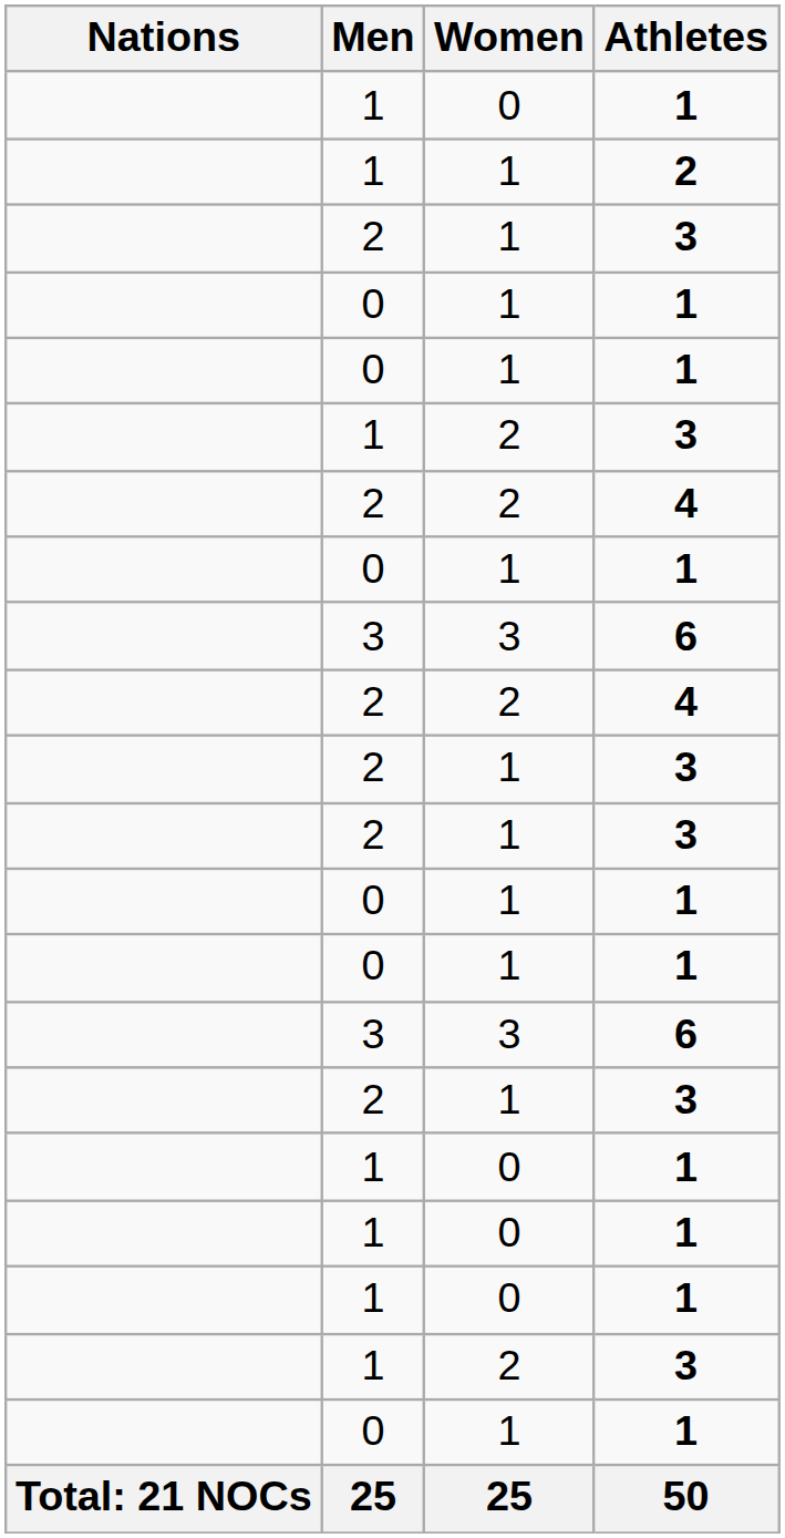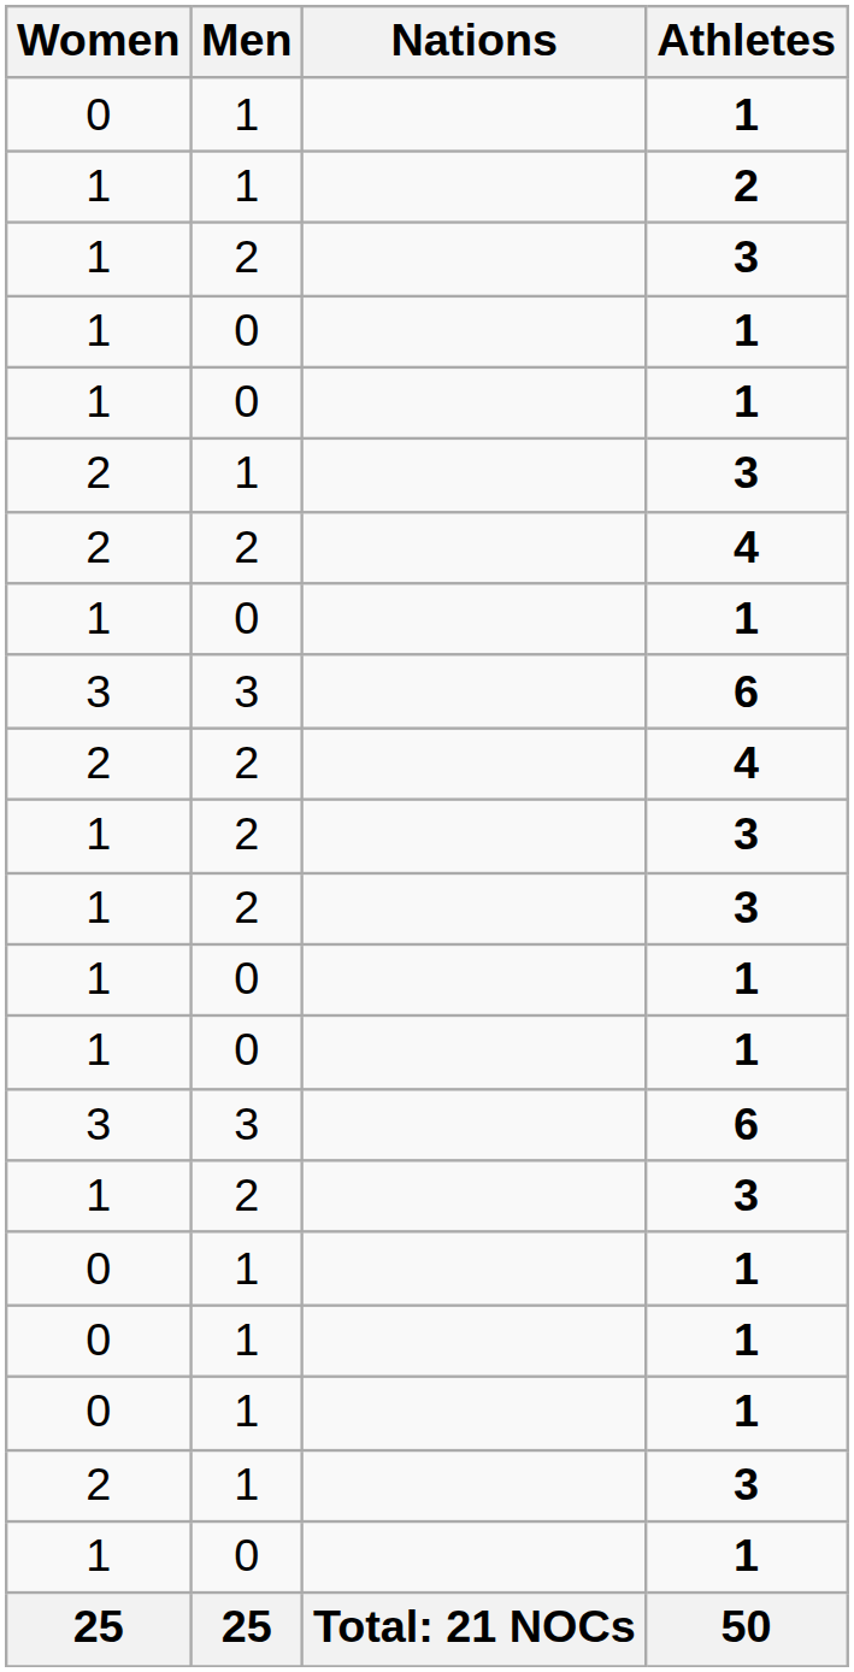 <table class="wikitable sortable" style="text-align:center;">
 <tr>
+<th>Women</th>
+<th>Men</th>
 <th>Nations</th>
-<th>Men</th>
-<th>Women</th>
 <th>Athletes</th>
 </tr>
 <tr>
+<td>0</td>
+<td>1</td>
 <td align="left"></td>
-<td>1</td>
-<td>0</td>
 <td><strong>1</strong></td>
 </tr>
 <tr>
-<td align="left"></td>
 <td>1</td>
 <td>1</td>
+<td align="left"></td>
 <td><strong>2</strong></td>
 </tr>
 <tr>
+<td>1</td>
+<td>2</td>
 <td align="left"></td>
-<td>2</td>
-<td>1</td>
 <td><strong>3</strong></td>
 </tr>
 <tr>
+<td>1</td>
+<td>0</td>
 <td align="left"></td>
-<td>0</td>
-<td>1</td>
 <td><strong>1</strong></td>
 </tr>
 <tr>
+<td>1</td>
+<td>0</td>
 <td align="left"></td>
-<td>0</td>
-<td>1</td>
 <td><strong>1</strong></td>
 </tr>
 <tr>
+<td>2</td>
+<td>1</td>
 <td align="left"></td>
-<td>1</td>
-<td>2</td>
 <td><strong>3</strong></td>
 </tr>
 <tr>
-<td align="left"></td>
 <td>2</td>
 <td>2</td>
+<td align="left"></td>
 <td><strong>4</strong></td>
 </tr>
 <tr>
+<td>1</td>
+<td>0</td>
 <td align="left"></td>
-<td>0</td>
-<td>1</td>
 <td><strong>1</strong></td>
 </tr>
 <tr>
-<td align="left"></td>
 <td>3</td>
 <td>3</td>
+<td align="left"></td>
 <td><strong>6</strong></td>
 </tr>
 <tr>
-<td align="left"></td>
 <td>2</td>
 <td>2</td>
+<td align="left"></td>
 <td><strong>4</strong></td>
 </tr>
 <tr>
+<td>1</td>
+<td>2</td>
 <td align="left"></td>
-<td>2</td>
-<td>1</td>
 <td><strong>3</strong></td>
 </tr>
 <tr>
+<td>1</td>
+<td>2</td>
 <td align="left"></td>
-<td>2</td>
-<td>1</td>
 <td><strong>3</strong></td>
 </tr>
 <tr>
+<td>1</td>
+<td>0</td>
 <td align="left"></td>
-<td>0</td>
-<td>1</td>
 <td><strong>1</strong></td>
 </tr>
 <tr>
+<td>1</td>
+<td>0</td>
 <td align="left"></td>
-<td>0</td>
-<td>1</td>
 <td><strong>1</strong></td>
 </tr>
 <tr>
-<td align="left"></td>
 <td>3</td>
 <td>3</td>
+<td align="left"></td>
 <td><strong>6</strong></td>
 </tr>
 <tr>
+<td>1</td>
+<td>2</td>
 <td align="left"></td>
-<td>2</td>
-<td>1</td>
 <td><strong>3</strong></td>
 </tr>
 <tr>
+<td>0</td>
+<td>1</td>
 <td align="left"></td>
-<td>1</td>
-<td>0</td>
 <td><strong>1</strong></td>
 </tr>
 <tr>
+<td>0</td>
+<td>1</td>
 <td align="left"></td>
-<td>1</td>
-<td>0</td>
 <td><strong>1</strong></td>
 </tr>
 <tr>
+<td>0</td>
+<td>1</td>
 <td align="left"></td>
-<td>1</td>
-<td>0</td>
 <td><strong>1</strong></td>
 </tr>
 <tr>
+<td>2</td>
+<td>1</td>
 <td align="left"></td>
-<td>1</td>
-<td>2</td>
 <td><strong>3</strong></td>
 </tr>
 <tr>
+<td>1</td>
+<td>0</td>
 <td align="left"></td>
-<td>0</td>
-<td>1</td>
 <td><strong>1</strong></td>
 </tr>
 <tr>
-<th>Total: 21 NOCs</th>
 <th>25</th>
 <th>25</th>
+<th>Total: 21 NOCs</th>
 <th>50</th>
 </tr>
 </table>
